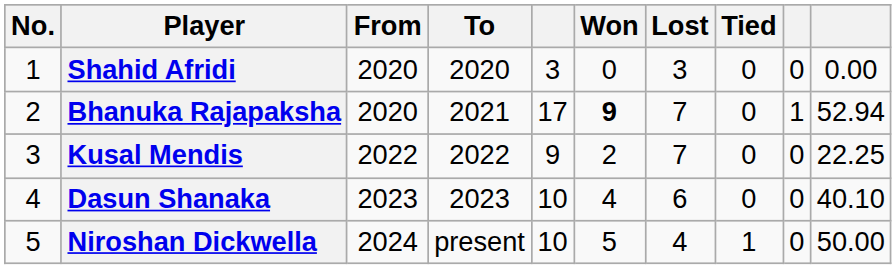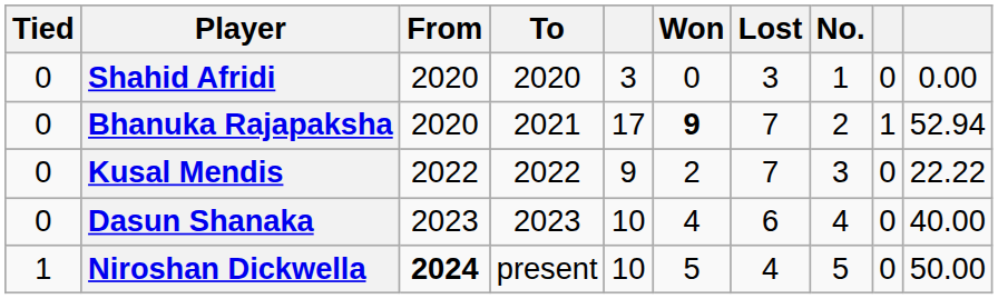 <table class="wikitable"style="text-align:center;">
 <tr>
-<th>No.</th>
+<th>Tied</th>
 <th>Player</th>
 <th>From</th>
 <th>To</th>
 <th></th>
 <th>Won</th>
 <th>Lost</th>
-<th>Tied</th>
+<th>No.</th>
 <th></th>
 <th></th>
 </tr>
 <tr>
-<td style="text-align:center;">1</td>
+<td>0</td>
 <th style="text-align:left;"><a href='#'>Shahid Afridi</a></th>
 <td>2020</td>
 <td>2020</td>
 <td>3</td>
 <td>0</td>
 <td>3</td>
-<td>0</td>
+<td style="text-align:center;">1</td>
 <td>0</td>
 <td>0.00</td>
 </tr>
 <tr>
-<td style="text-align:center;">2</td>
+<td>0</td>
 <th style="text-align:left;"><a href='#'>Bhanuka Rajapaksha</a></th>
 <td>2020</td>
 <td>2021</td>
 <td>17</td>
 <td><strong>9</strong></td>
 <td>7</td>
-<td>0</td>
+<td style="text-align:center;">2</td>
 <td>1</td>
 <td>52.94</td>
 </tr>
 <tr>
-<td style="text-align:center;">3</td>
+<td>0</td>
 <th style="text-align:left;"><a href='#'>Kusal Mendis</a></th>
 <td>2022</td>
 <td>2022</td>
 <td>9</td>
 <td>2</td>
 <td>7</td>
+<td style="text-align:center;">3</td>
 <td>0</td>
-<td>0</td>
-<td>22.25</td>
+<td>22.22</td>
 </tr>
 <tr>
-<td style="text-align:center;">4</td>
+<td>0</td>
 <th style="text-align:left;"><a href='#'>Dasun Shanaka</a></th>
 <td>2023</td>
 <td>2023</td>
 <td>10</td>
 <td>4</td>
 <td>6</td>
+<td style="text-align:center;">4</td>
 <td>0</td>
-<td>0</td>
-<td>40.10</td>
+<td>40.00</td>
 </tr>
 <tr>
-<td style="text-align:center;">5</td>
+<td>1</td>
 <th style="text-align:left;"><a href='#'>Niroshan Dickwella</a></th>
-<td>2024</td>
+<td><strong>2024</strong></td>
 <td>present</td>
 <td>10</td>
 <td>5</td>
 <td>4</td>
-<td>1</td>
+<td style="text-align:center;">5</td>
 <td>0</td>
 <td>50.00</td>
 </tr>
 </table>
